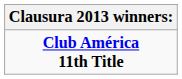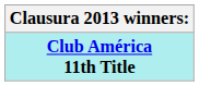 <table class="wikitable" style="text-align: center; margin: 0 auto;">
 <tr>
 <th>Clausura 2013 winners:</th>
 </tr>
 <tr>
-<td><strong><a href='#'>Club América</a></strong><br><strong>11th Title</strong></td>
+<td style="background: paleturquoise;"><strong><a href='#'>Club América</a></strong><br><strong>11th Title</strong></td>
 </tr>
 </table>
